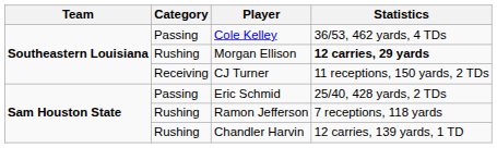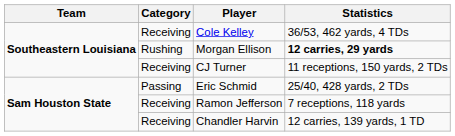 <table class="wikitable" style="float: left;">
 <tr>
 <th>Team</th>
 <th>Category</th>
 <th>Player</th>
 <th>Statistics</th>
 </tr>
 <tr>
 <td rowspan=3><strong>Southeastern Louisiana</strong></td>
-<td>Passing</td>
+<td>Receiving</td>
 <td><a href='#'>Cole Kelley</a></td>
 <td>36/53, 462 yards, 4 TDs</td>
 </tr>
 <tr>
 <td>Rushing</td>
 <td>Morgan Ellison</td>
 <td><strong>12 carries, 29 yards</strong></td>
 </tr>
 <tr>
 <td>Receiving</td>
 <td>CJ Turner</td>
 <td>11 receptions, 150 yards, 2 TDs</td>
 </tr>
 <tr>
 <td rowspan=3><strong>Sam Houston State</strong></td>
 <td>Passing</td>
 <td>Eric Schmid</td>
 <td>25/40, 428 yards, 2 TDs</td>
 </tr>
 <tr>
-<td>Rushing</td>
+<td>Receiving</td>
 <td>Ramon Jefferson</td>
 <td>7 receptions, 118 yards</td>
 </tr>
 <tr>
-<td>Rushing</td>
+<td>Receiving</td>
 <td>Chandler Harvin</td>
 <td>12 carries, 139 yards, 1 TD</td>
 </tr>
 </table>
